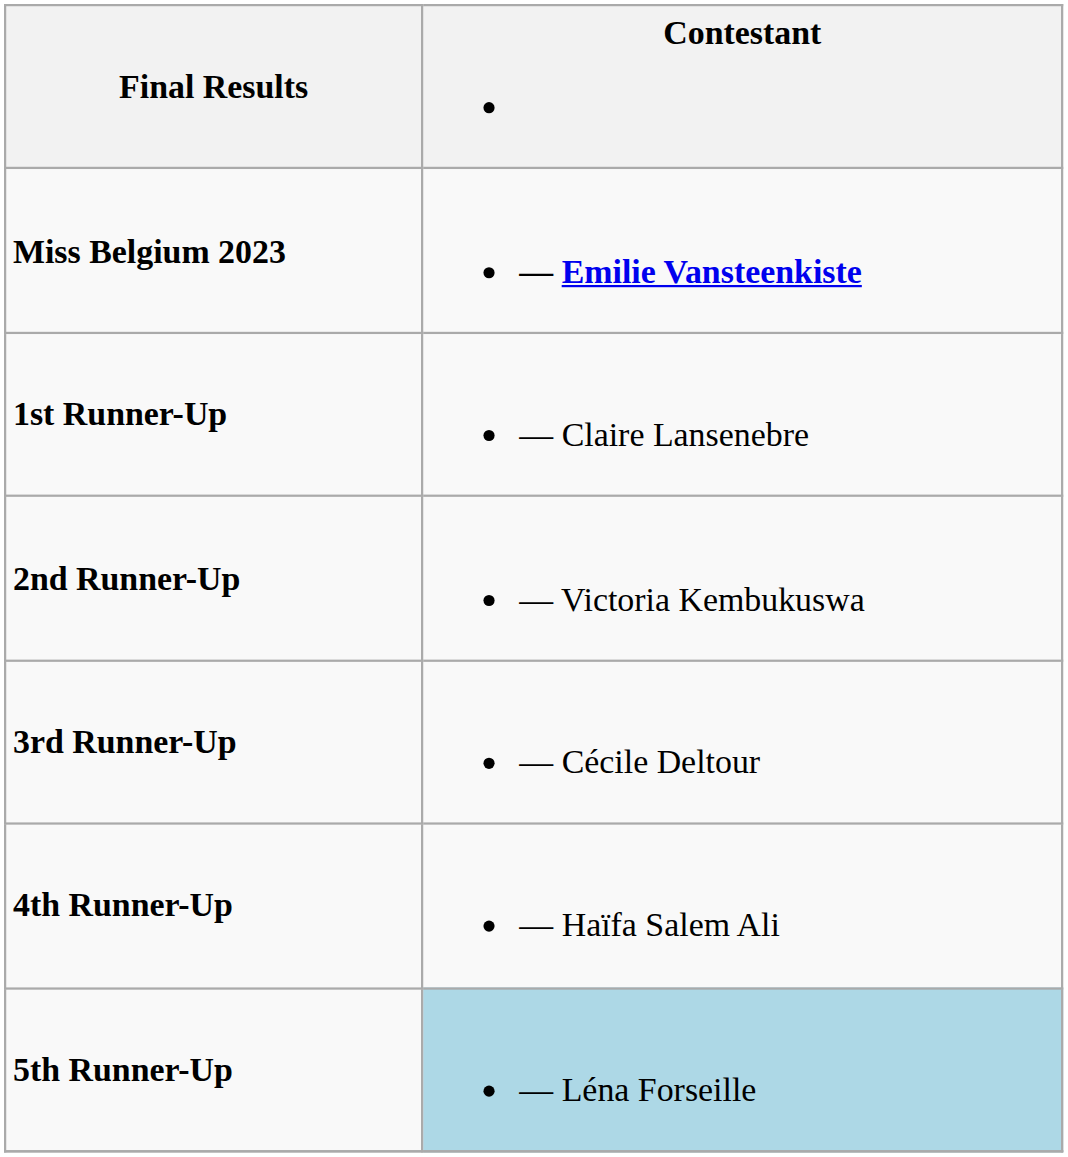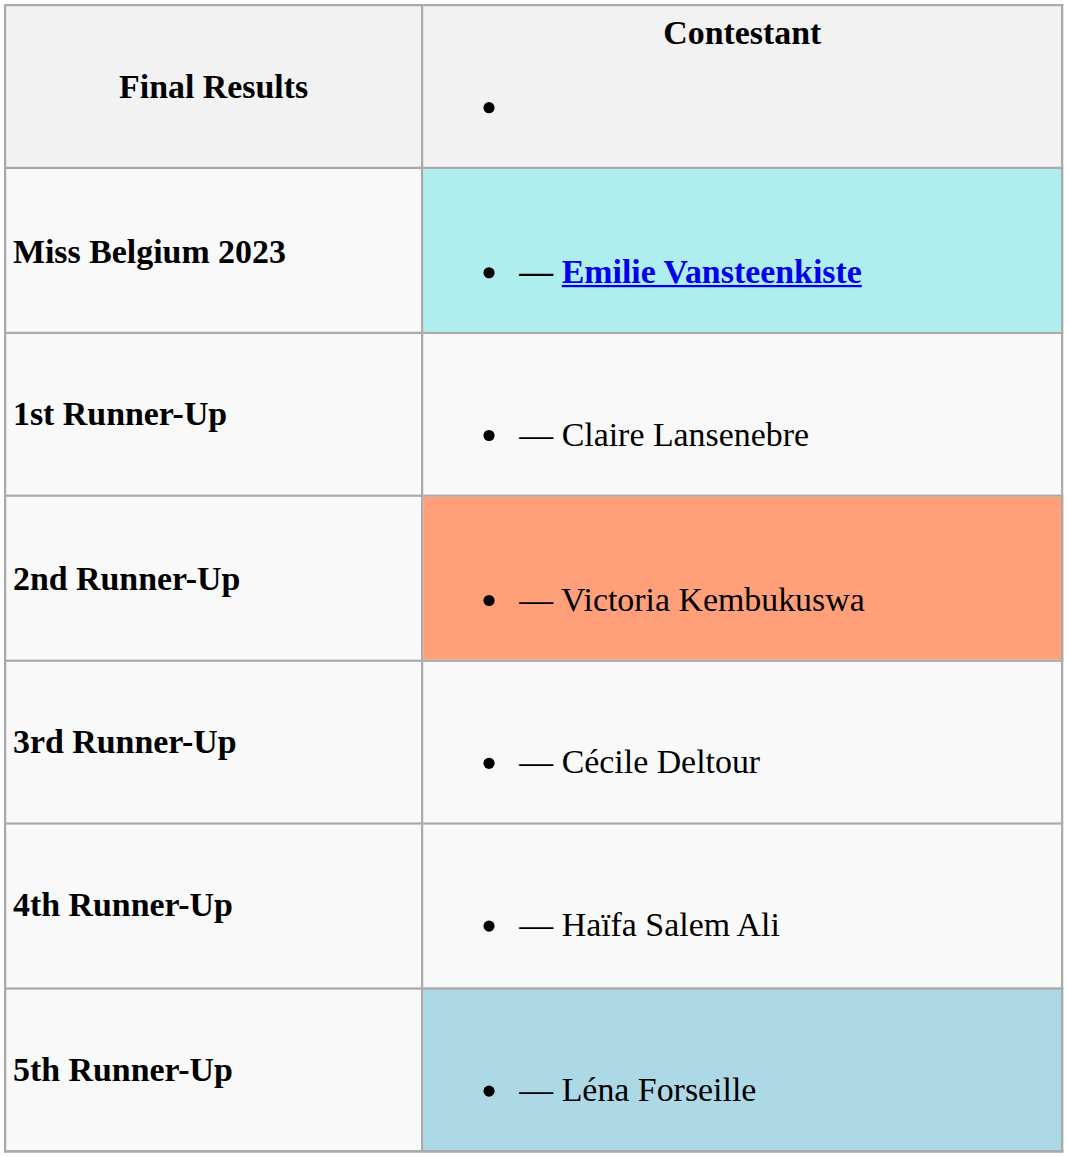 <table class="wikitable sortable" style="font-size:95%;">
 <tr>
 <th style="width:180px;">Final Results</th>
 <th style="width:280px;">Contestant<br><ul><li></li></ul></th>
 </tr>
 <tr>
 <td><strong>Miss Belgium 2023</strong></td>
-<td><br><ul><li><strong> — <a href='#'>Emilie Vansteenkiste</a></strong></li></ul></td>
+<td style="background: paleturquoise;"><br><ul><li><strong> — <a href='#'>Emilie Vansteenkiste</a></strong></li></ul></td>
 </tr>
 <tr>
 <td><strong>1st Runner-Up</strong></td>
 <td><br><ul><li><strong></strong> — Claire Lansenebre</li></ul></td>
 </tr>
 <tr>
 <td><strong> 2nd Runner-Up</strong></td>
-<td><br><ul><li><strong></strong> — Victoria Kembukuswa</li></ul></td>
+<td style="background: lightsalmon;"><br><ul><li><strong></strong> — Victoria Kembukuswa</li></ul></td>
 </tr>
 <tr>
 <td><strong> 3rd Runner-Up</strong></td>
 <td><br><ul><li><strong></strong> — Cécile Deltour</li></ul></td>
 </tr>
 <tr>
 <td><strong> 4th Runner-Up</strong></td>
 <td><br><ul><li><strong></strong> — Haïfa Salem Ali</li></ul></td>
 </tr>
 <tr>
 <td><strong> 5th Runner-Up</strong></td>
 <td style="background: lightblue;"><br><ul><li><strong></strong> — Léna Forseille</li></ul></td>
 </tr>
 <tr>
 </tr>
 </table>
